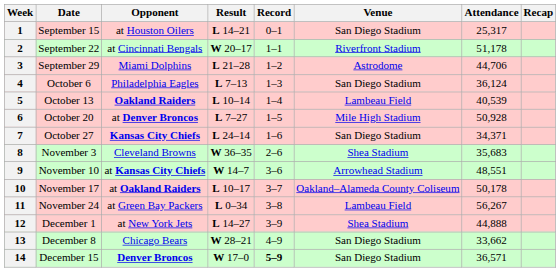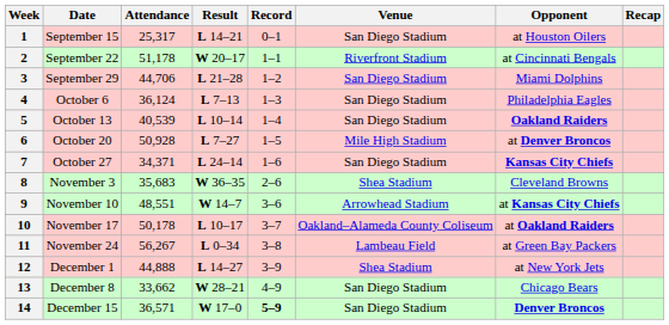 <table class="wikitable" style="text-align:center">
 <tr>
 <th>Week</th>
 <th>Date</th>
-<th>Opponent</th>
+<th>Attendance</th>
 <th>Result</th>
 <th>Record</th>
 <th>Venue</th>
-<th>Attendance</th>
+<th>Opponent</th>
 <th>Recap</th>
 </tr>
 <tr style="background:#fcc">
 <th>1</th>
 <td>September 15</td>
-<td>at <a href='#'>Houston Oilers</a></td>
+<td>25,317</td>
 <td><strong>L</strong> 14–21</td>
 <td>0–1</td>
 <td>San Diego Stadium</td>
-<td>25,317</td>
+<td>at <a href='#'>Houston Oilers</a></td>
 <td></td>
 </tr>
 <tr style="background:#cfc">
 <th>2</th>
 <td>September 22</td>
-<td>at <a href='#'>Cincinnati Bengals</a></td>
+<td>51,178</td>
 <td><strong>W</strong> 20–17</td>
 <td>1–1</td>
 <td><a href='#'>Riverfront Stadium</a></td>
-<td>51,178</td>
+<td>at <a href='#'>Cincinnati Bengals</a></td>
 <td></td>
 </tr>
 <tr style="background:#fcc">
 <th>3</th>
 <td>September 29</td>
-<td><a href='#'>Miami Dolphins</a></td>
+<td>44,706</td>
 <td><strong>L</strong> 21–28</td>
 <td>1–2</td>
-<td><a href='#'>Astrodome</a></td>
-<td>44,706</td>
+<td><a href='#'>San Diego Stadium</a></td>
+<td><a href='#'>Miami Dolphins</a></td>
 <td></td>
 </tr>
 <tr style="background:#fcc">
 <th>4</th>
 <td>October 6</td>
-<td><a href='#'>Philadelphia Eagles</a></td>
+<td>36,124</td>
 <td><strong>L</strong> 7–13</td>
 <td>1–3</td>
 <td>San Diego Stadium</td>
-<td>36,124</td>
+<td><a href='#'>Philadelphia Eagles</a></td>
 <td></td>
 </tr>
 <tr style="background:#fcc">
 <th>5</th>
 <td>October 13</td>
-<td><strong><a href='#'>Oakland Raiders</a></strong></td>
+<td>40,539</td>
 <td><strong>L</strong> 10–14</td>
 <td>1–4</td>
-<td><a href='#'>Lambeau Field</a></td>
-<td>40,539</td>
+<td>San Diego Stadium</td>
+<td><strong><a href='#'>Oakland Raiders</a></strong></td>
 <td></td>
 </tr>
 <tr style="background:#fcc">
 <th>6</th>
 <td>October 20</td>
-<td>at <strong><a href='#'>Denver Broncos</a></strong></td>
+<td>50,928</td>
 <td><strong>L</strong> 7–27</td>
 <td>1–5</td>
 <td><a href='#'>Mile High Stadium</a></td>
-<td>50,928</td>
+<td>at <strong><a href='#'>Denver Broncos</a></strong></td>
 <td></td>
 </tr>
 <tr style="background:#fcc">
 <th>7</th>
 <td>October 27</td>
-<td><strong><a href='#'>Kansas City Chiefs</a></strong></td>
+<td>34,371</td>
 <td><strong>L</strong> 24–14</td>
 <td>1–6</td>
 <td>San Diego Stadium</td>
-<td>34,371</td>
+<td><strong><a href='#'>Kansas City Chiefs</a></strong></td>
 <td></td>
 </tr>
 <tr style="background:#cfc">
 <th>8</th>
 <td>November 3</td>
-<td><a href='#'>Cleveland Browns</a></td>
+<td>35,683</td>
 <td><strong>W</strong> 36–35</td>
 <td>2–6</td>
 <td><a href='#'>Shea Stadium</a></td>
-<td>35,683</td>
+<td><a href='#'>Cleveland Browns</a></td>
 <td></td>
 </tr>
 <tr style="background:#cfc">
 <th>9</th>
 <td>November 10</td>
-<td>at <strong><a href='#'>Kansas City Chiefs</a></strong></td>
+<td>48,551</td>
 <td><strong>W</strong> 14–7</td>
 <td>3–6</td>
 <td><a href='#'>Arrowhead Stadium</a></td>
-<td>48,551</td>
+<td>at <strong><a href='#'>Kansas City Chiefs</a></strong></td>
 <td></td>
 </tr>
 <tr style="background:#fcc">
 <th>10</th>
 <td>November 17</td>
-<td>at <strong><a href='#'>Oakland Raiders</a></strong></td>
+<td>50,178</td>
 <td><strong>L</strong> 10–17</td>
 <td>3–7</td>
 <td><a href='#'>Oakland–Alameda County Coliseum</a></td>
-<td>50,178</td>
+<td>at <strong><a href='#'>Oakland Raiders</a></strong></td>
 <td></td>
 </tr>
 <tr style="background:#fcc">
 <th>11</th>
 <td>November 24</td>
-<td>at <a href='#'>Green Bay Packers</a></td>
+<td>56,267</td>
 <td><strong>L</strong> 0–34</td>
 <td>3–8</td>
 <td><a href='#'>Lambeau Field</a></td>
-<td>56,267</td>
+<td>at <a href='#'>Green Bay Packers</a></td>
 <td></td>
 </tr>
 <tr style="background:#fcc">
 <th>12</th>
 <td>December 1</td>
-<td>at <a href='#'>New York Jets</a></td>
+<td>44,888</td>
 <td><strong>L</strong> 14–27</td>
 <td>3–9</td>
 <td><a href='#'>Shea Stadium</a></td>
-<td>44,888</td>
+<td>at <a href='#'>New York Jets</a></td>
 <td></td>
 </tr>
 <tr style="background:#cfc">
 <th>13</th>
 <td>December 8</td>
-<td><a href='#'>Chicago Bears</a></td>
+<td>33,662</td>
 <td><strong>W</strong> 28–21</td>
 <td>4–9</td>
 <td>San Diego Stadium</td>
-<td>33,662</td>
+<td><a href='#'>Chicago Bears</a></td>
 <td></td>
 </tr>
 <tr style="background:#cfc">
 <th>14</th>
 <td>December 15</td>
-<td><strong><a href='#'>Denver Broncos</a></strong></td>
+<td>36,571</td>
 <td><strong>W</strong> 17–0</td>
 <td><strong>5–9</strong></td>
 <td>San Diego Stadium</td>
-<td>36,571</td>
+<td><strong><a href='#'>Denver Broncos</a></strong></td>
 <td></td>
 </tr>
 </table>
